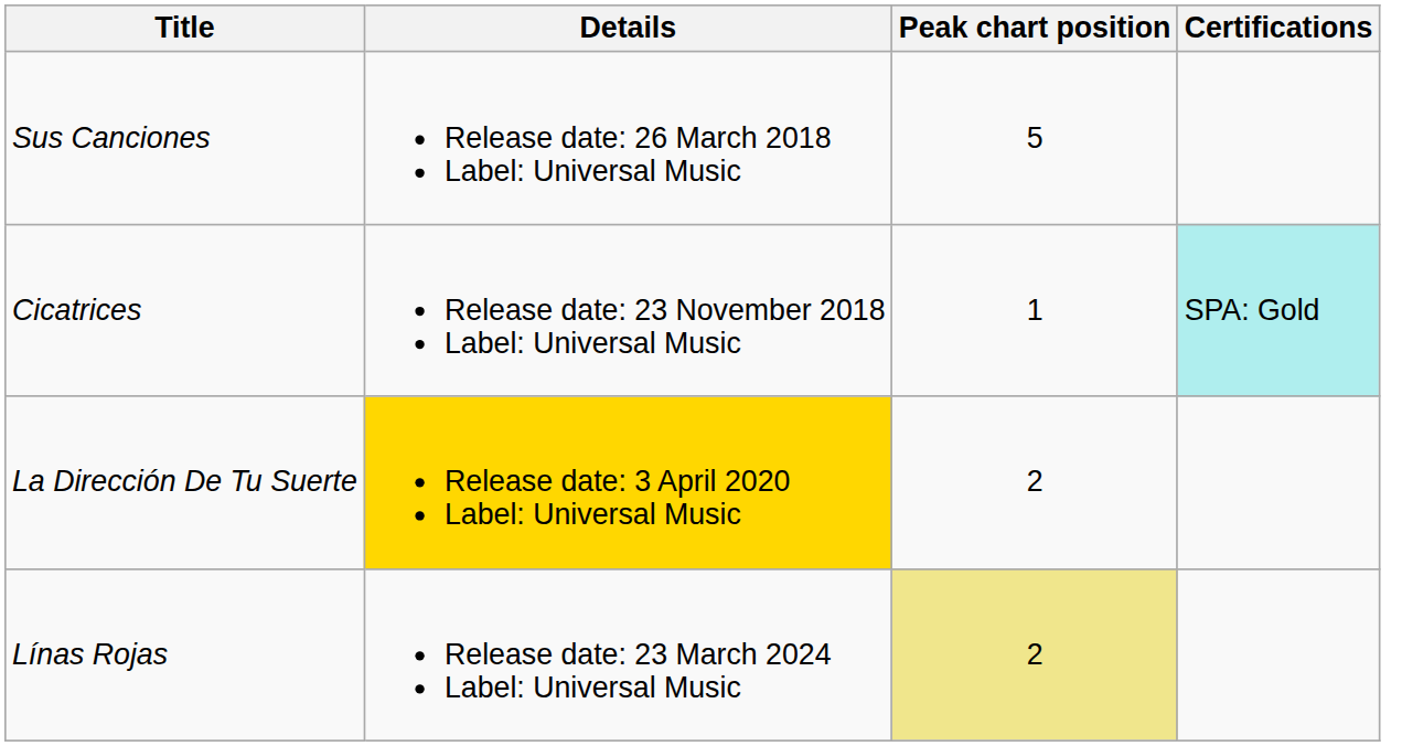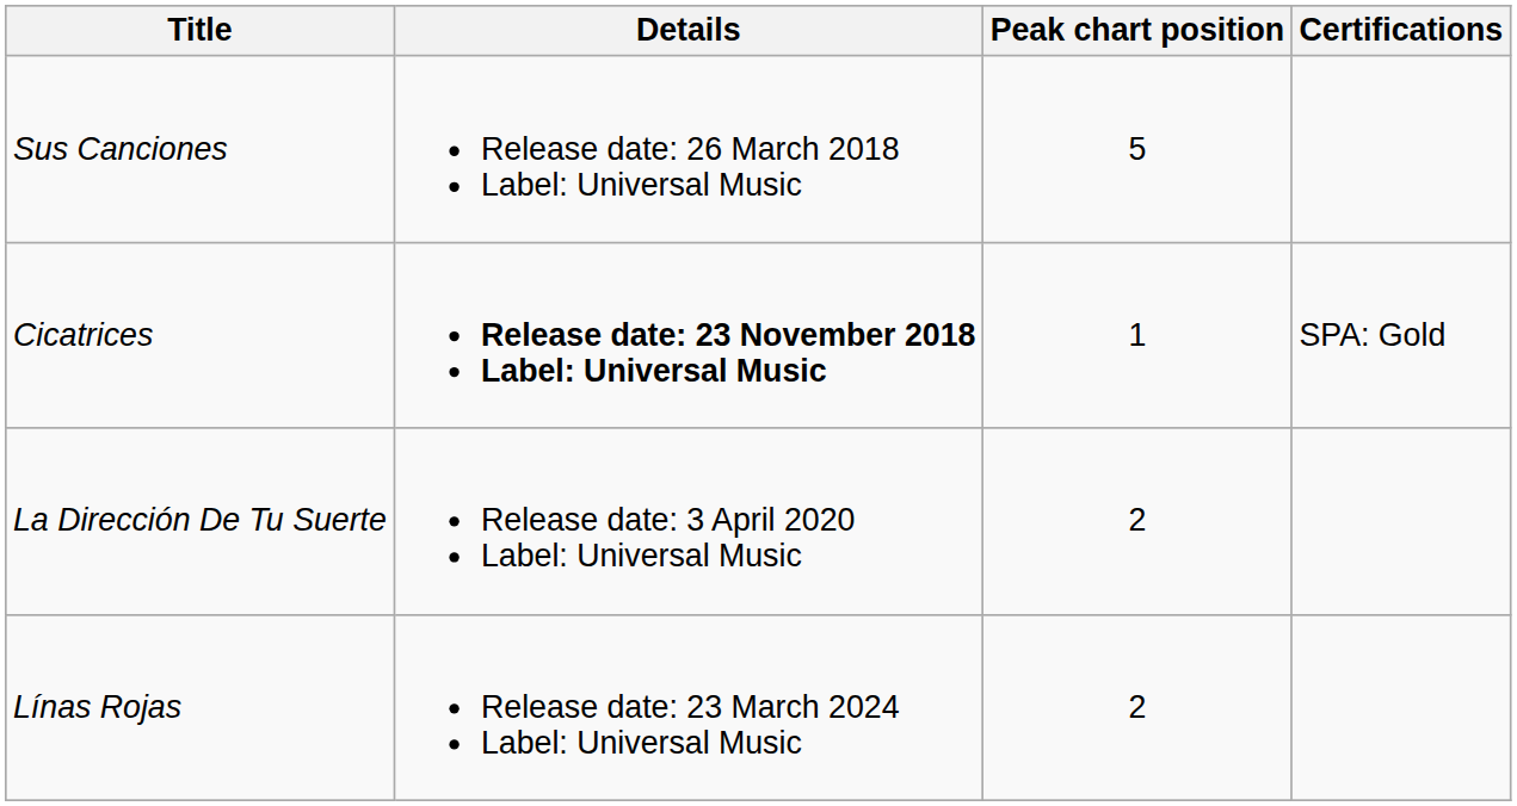 <table class=wikitable>
 <tr>
 <th>Title</th>
 <th>Details</th>
 <th>Peak chart position</th>
 <th>Certifications</th>
 </tr>
 <tr>
 <td scope="row"><em>Sus Canciones</em></td>
 <td><br><ul><li>Release date: 26 March 2018</li><li>Label: Universal Music</li></ul></td>
 <td align=center>5</td>
 <td></td>
 </tr>
 <tr>
 <td scope="row"><em>Cicatrices</em></td>
-<td><br><ul><li>Release date: 23 November 2018</li><li>Label: Universal Music</li></ul></td>
+<td><strong><br><ul><li>Release date: 23 November 2018</li><li>Label: Universal Music</li></ul></strong></td>
 <td align=center>1</td>
-<td style="background: paleturquoise;">SPA: Gold</td>
+<td>SPA: Gold</td>
 </tr>
 <tr>
 <td><em>La Dirección De Tu Suerte</em></td>
-<td style="background: gold;"><br><ul><li>Release date: 3 April 2020</li><li>Label: Universal Music</li></ul></td>
+<td><br><ul><li>Release date: 3 April 2020</li><li>Label: Universal Music</li></ul></td>
 <td align=center>2</td>
 <td></td>
 </tr>
 <tr>
 <td><em>Línas Rojas</em></td>
 <td><br><ul><li>Release date: 23 March 2024</li><li>Label: Universal Music</li></ul></td>
-<td align=center style="background: khaki;">2</td>
+<td align=center>2</td>
 </tr>
 </table>
